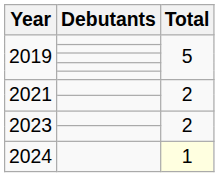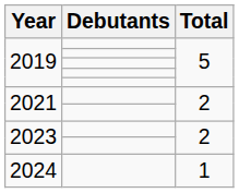 <table class="wikitable">
 <tr>
 <th>Year</th>
 <th>Debutants</th>
 <th>Total</th>
 </tr>
 <tr>
 <td rowspan=5>2019</td>
 <td></td>
 <td rowspan=5 align=center>5</td>
 </tr>
 <tr>
 <td></td>
 </tr>
 <tr>
 <td></td>
 </tr>
 <tr>
 <td></td>
 </tr>
 <tr>
 <td></td>
 </tr>
 <tr>
 <td rowspan=2>2021</td>
 <td></td>
 <td rowspan=2 align=center>2</td>
 </tr>
 <tr>
 <td></td>
 </tr>
 <tr>
 <td rowspan=2>2023</td>
 <td></td>
 <td rowspan=2 align=center>2</td>
 </tr>
 <tr>
 <td></td>
 </tr>
 <tr>
 <td>2024</td>
 <td></td>
-<td align=center style="background: lightyellow;">1</td>
+<td align=center>1</td>
 </tr>
 </table>
